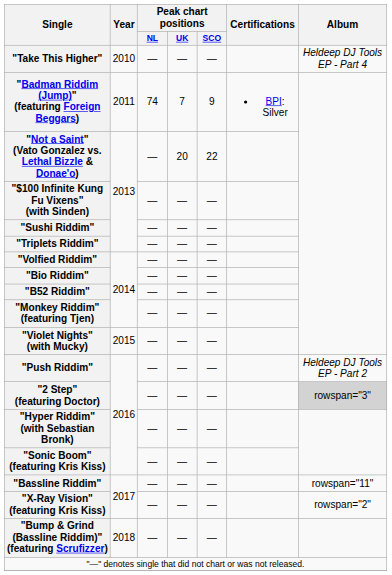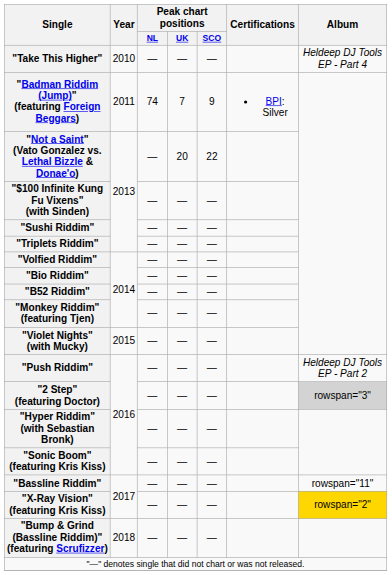 <table class="wikitable plainrowheaders" style="text-align:center;">
 <tr>
 <th scope="col" rowspan="2">Single</th>
 <th scope="col" rowspan="2">Year</th>
 <th scope="col" colspan="3">Peak chart positions</th>
 <th scope="col" rowspan="2">Certifications</th>
 <th scope="col" rowspan="2">Album</th>
 </tr>
 <tr>
 <th scope="col" style="width:3em;font-size:85%;"><a href='#'>NL</a><br></th>
 <th scope="col" style="width:3em;font-size:85%;"><a href='#'>UK</a><br></th>
 <th scope="col" style="width:3em;font-size:85%;"><a href='#'>SCO</a><br></th>
 </tr>
 <tr>
 <th scope="row">"Take This Higher"</th>
 <td>2010</td>
 <td>—</td>
 <td>—</td>
 <td>—</td>
 <td></td>
 <td><em>Heldeep DJ Tools EP - Part 4</em></td>
 </tr>
 <tr>
 <th scope="row">"<a href='#'>Badman Riddim (Jump)</a>"<br><span>(featuring <a href='#'>Foreign Beggars</a>)</span></th>
 <td>2011</td>
 <td>74</td>
 <td>7</td>
 <td>9</td>
 <td><br><ul><li><a href='#'>BPI</a>: Silver</li></ul></td>
 </tr>
 <tr>
 <th scope="row">"<a href='#'>Not a Saint</a>"<br><span>(Vato Gonzalez vs. <a href='#'>Lethal Bizzle</a> & <a href='#'>Donae'o</a>)</span></th>
 <td rowspan="4">2013</td>
 <td>—</td>
 <td>20</td>
 <td>22</td>
 <td></td>
 </tr>
 <tr>
 <th scope="row">"$100 Infinite Kung Fu Vixens"<br><span>(with Sinden)</span></th>
 <td>—</td>
 <td>—</td>
 <td>—</td>
 <td></td>
 </tr>
 <tr>
 <th scope="row">"Sushi Riddim"</th>
 <td>—</td>
 <td>—</td>
 <td>—</td>
 <td></td>
 </tr>
 <tr>
 <th scope="row">"Triplets Riddim"</th>
 <td>—</td>
 <td>—</td>
 <td>—</td>
 <td></td>
 </tr>
 <tr>
 <th scope="row">"Volfied Riddim"</th>
 <td rowspan="4">2014</td>
 <td>—</td>
 <td>—</td>
 <td>—</td>
 <td></td>
 </tr>
 <tr>
 <th scope="row">"Bio Riddim"</th>
 <td>—</td>
 <td>—</td>
 <td>—</td>
 <td></td>
 </tr>
 <tr>
 <th scope="row">"B52 Riddim"</th>
 <td>—</td>
 <td>—</td>
 <td>—</td>
 <td></td>
 </tr>
 <tr>
 <th scope="row">"Monkey Riddim"<br><span>(featuring Tjen)</span></th>
 <td>—</td>
 <td>—</td>
 <td>—</td>
 <td></td>
 </tr>
 <tr>
 <th scope="row">"Violet Nights"<br><span>(with Mucky)</span></th>
 <td>2015</td>
 <td>—</td>
 <td>—</td>
 <td>—</td>
 <td></td>
 </tr>
 <tr>
 <th scope="row">"Push Riddim"</th>
 <td rowspan="4">2016</td>
 <td>—</td>
 <td>—</td>
 <td>—</td>
 <td></td>
 <td><em>Heldeep DJ Tools EP - Part 2</em></td>
 </tr>
 <tr>
 <th scope="row">"2 Step"<br><span>(featuring Doctor)</span></th>
 <td>—</td>
 <td>—</td>
 <td>—</td>
 <td></td>
 <td style="background: lightgrey;">rowspan="3" </td>
 </tr>
 <tr>
 <th scope="row">"Hyper Riddim"<br><span>(with Sebastian Bronk)</span></th>
 <td>—</td>
 <td>—</td>
 <td>—</td>
 <td></td>
 </tr>
 <tr>
 <th scope="row">"Sonic Boom"<br><span>(featuring Kris Kiss)</span></th>
 <td>—</td>
 <td>—</td>
 <td>—</td>
 <td></td>
 </tr>
 <tr>
 <th scope="row">"Bassline Riddim"</th>
 <td rowspan="2">2017</td>
 <td>—</td>
 <td>—</td>
 <td>—</td>
 <td></td>
 <td>rowspan="11" </td>
 </tr>
 <tr>
 <th scope="row">"X-Ray Vision"<br><span>(featuring Kris Kiss)</span></th>
 <td>—</td>
 <td>—</td>
 <td>—</td>
 <td></td>
-<td>rowspan="2" </td>
+<td style="background: gold;">rowspan="2" </td>
 </tr>
 <tr>
 <th scope="row">"Bump & Grind (Bassline Riddim)"<br><span>(featuring <a href='#'>Scrufizzer</a>)</span></th>
 <td>2018</td>
 <td>—</td>
 <td>—</td>
 <td>—</td>
 <td></td>
 </tr>
 <tr>
 <td colspan="15" style="font-size:85%">"—" denotes single that did not chart or was not released.</td>
 </tr>
 <tr>
 </tr>
 </table>
